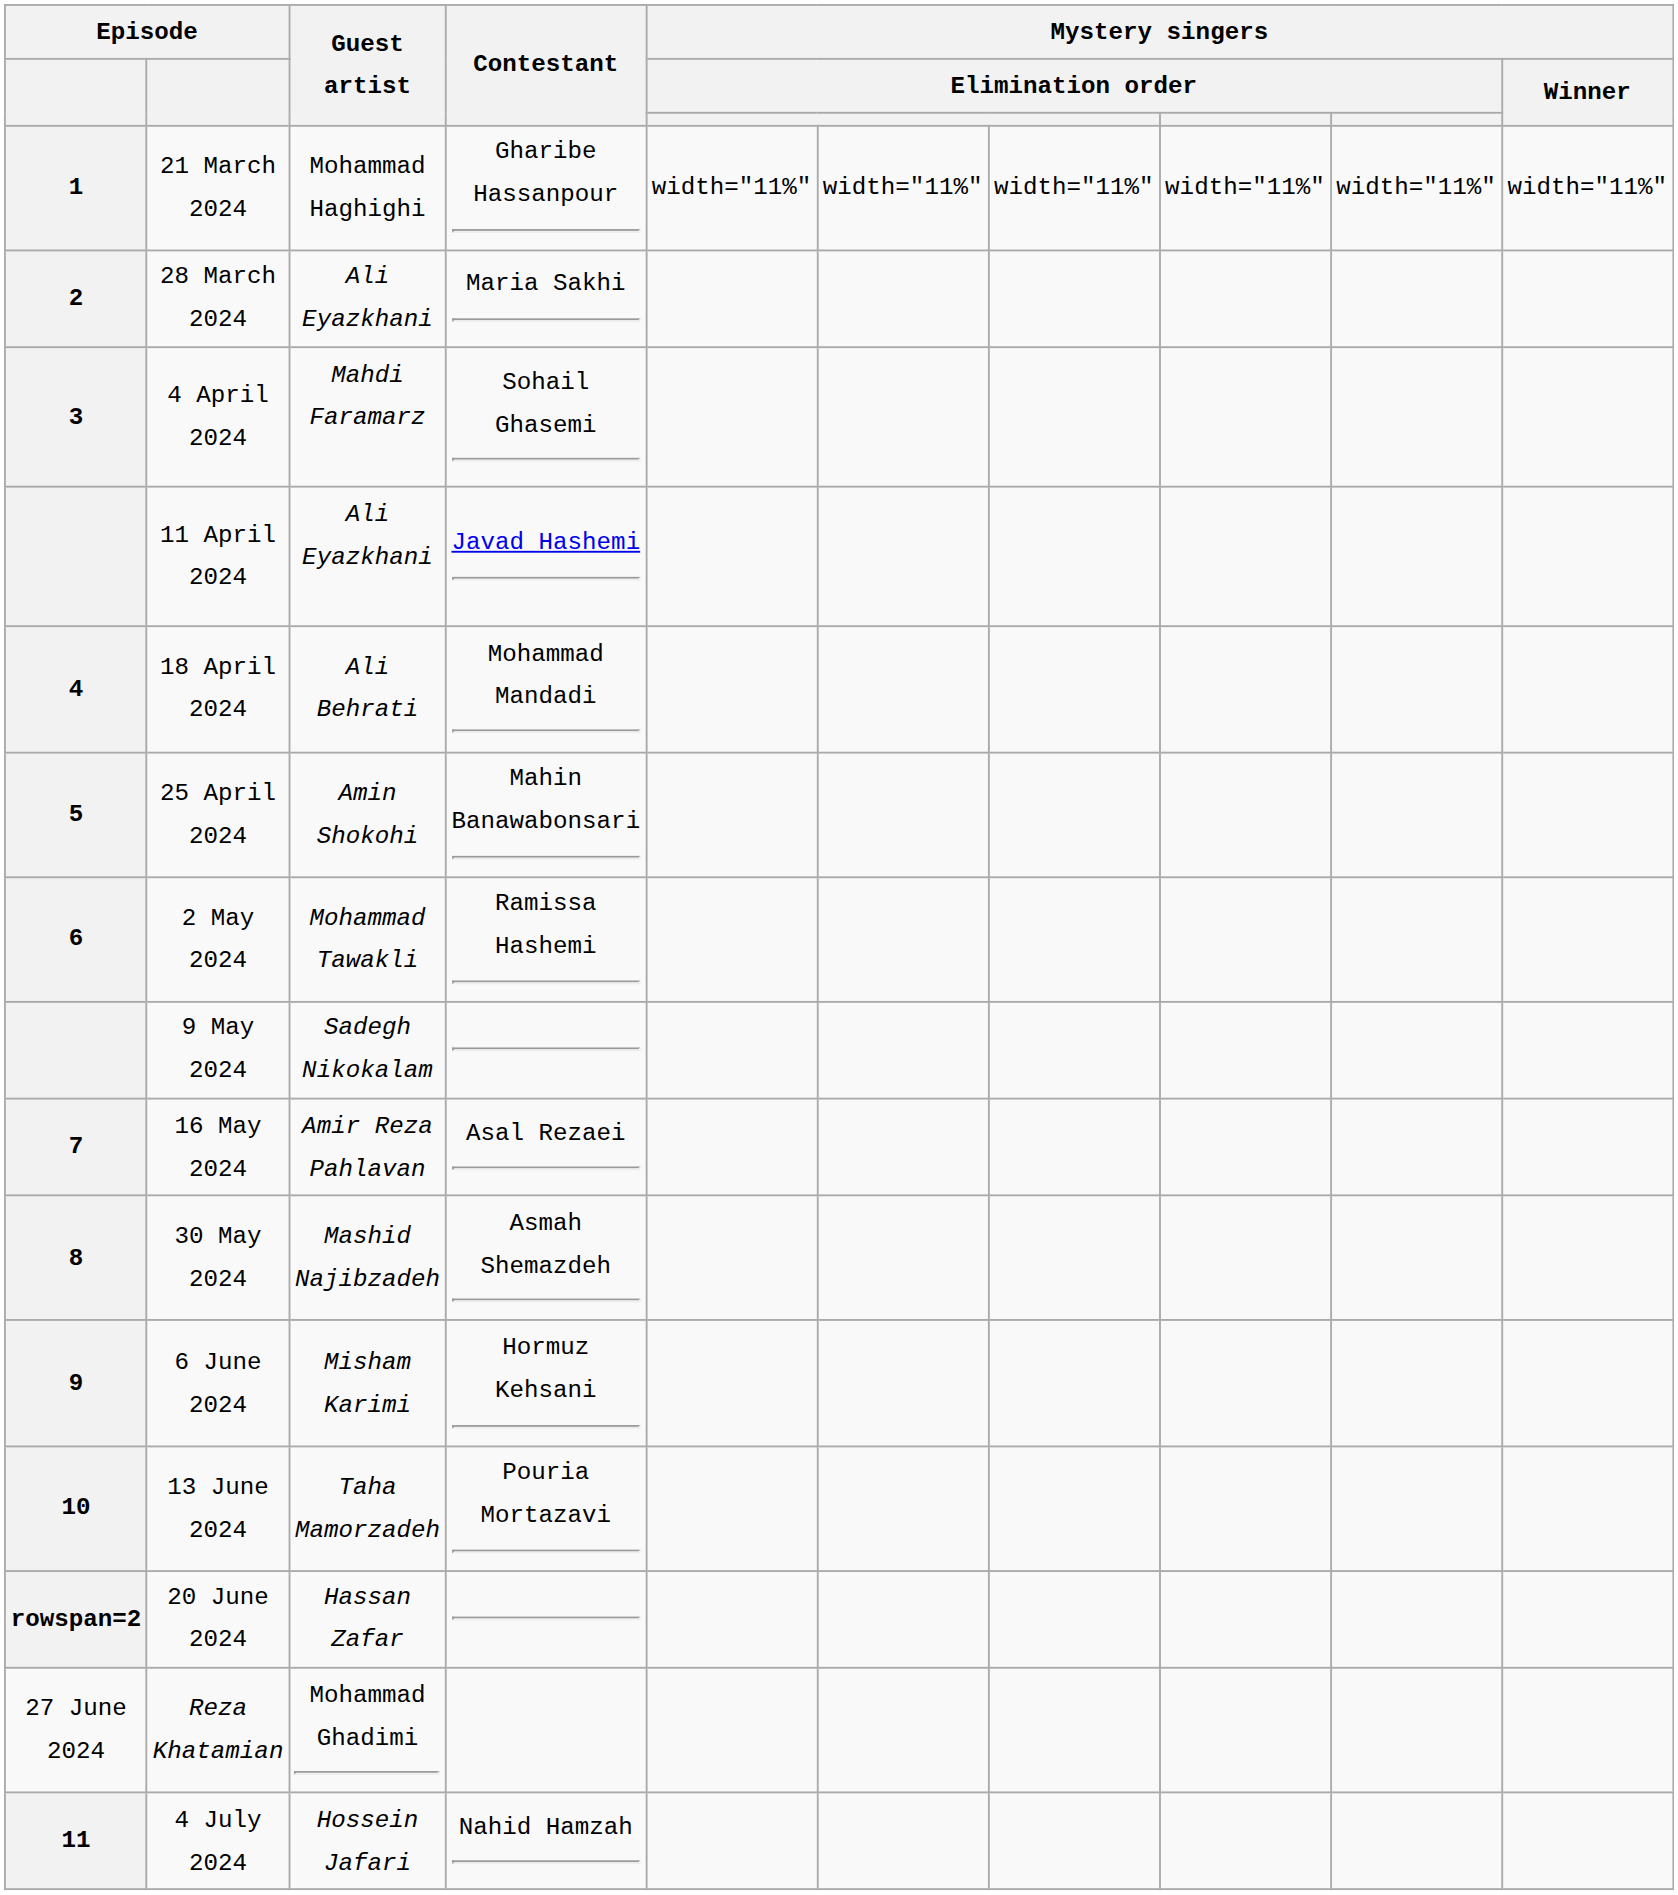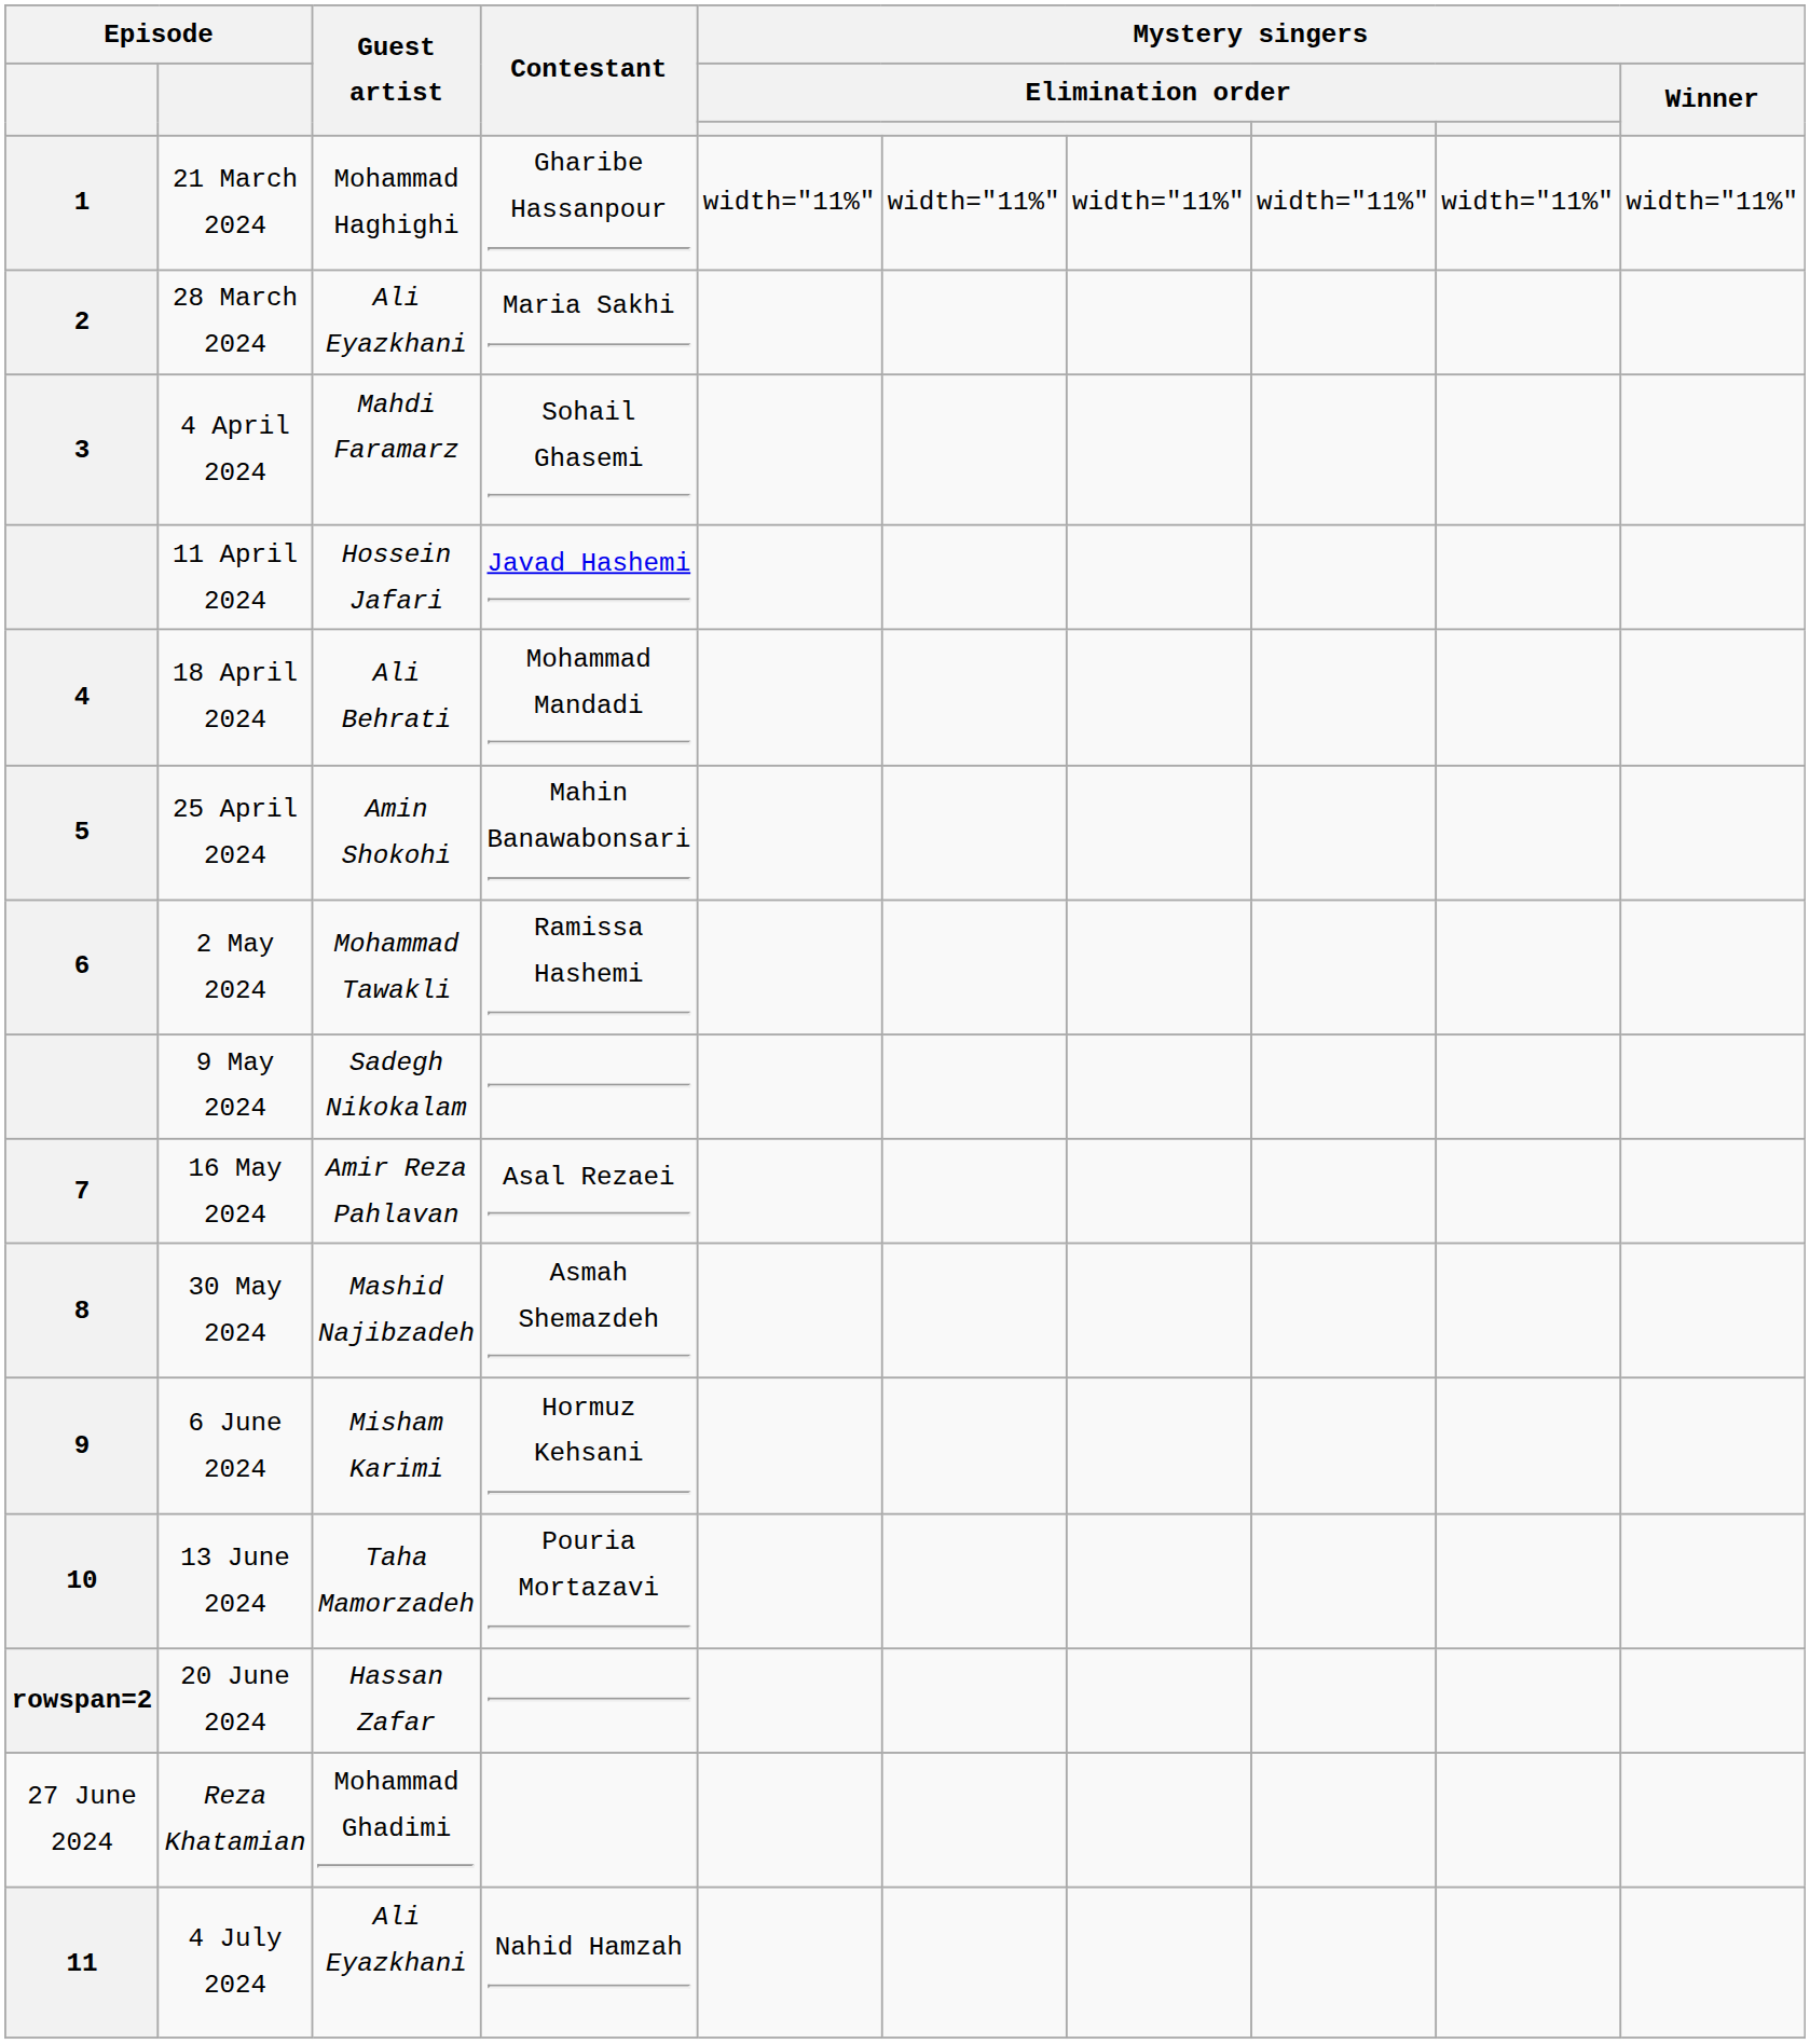 <table class="wikitable plainrowheaders mw-collapsible" style="text-align:center; line-height:23px; width:100%;">
 <tr>
 <th colspan="2" width="1%">Episode</th>
 <th rowspan="3" width="11%">Guest artist</th>
 <th rowspan="3" width="11%">Contestant</th>
 <th colspan="6">Mystery singers<br></th>
 </tr>
 <tr>
 <th rowspan="2"></th>
 <th rowspan="2"></th>
 <th colspan="5">Elimination order</th>
 <th rowspan="2">Winner</th>
 </tr>
 <tr>
 <th colspan="3"></th>
 <th></th>
 <th></th>
 </tr>
 <tr>
 <th>1</th>
 <td>21 March 2024</td>
 <td>Mohammad Haghighi<br></td>
 <td>Gharibe Hassanpour<hr></td>
 <td>width="11%" </td>
 <td>width="11%" </td>
 <td>width="11%" </td>
 <td>width="11%" </td>
 <td>width="11%" </td>
 <td>width="11%" </td>
 </tr>
 <tr>
 <th>2</th>
 <td>28 March 2024</td>
 <td><em>Ali Eyazkhani</em><br></td>
 <td>Maria Sakhi<hr></td>
 <td></td>
 <td></td>
 <td></td>
 <td></td>
 <td></td>
 <td></td>
 </tr>
 <tr>
 <th>3</th>
 <td>4 April 2024</td>
 <td><em>Mahdi Faramarz</em><br><br></td>
 <td>Sohail Ghasemi<hr></td>
 <td></td>
 <td></td>
 <td></td>
 <td></td>
 <td></td>
 <td></td>
 </tr>
 <tr>
 <th></th>
 <td>11 April 2024</td>
-<td><em>Ali Eyazkhani</em><br><br></td>
+<td><em>Hossein Jafari</em></td>
 <td><a href='#'>Javad Hashemi</a><br><hr></td>
 <td></td>
 <td></td>
 <td></td>
 <td></td>
 <td></td>
 <td></td>
 </tr>
 <tr>
 <th>4</th>
 <td>18 April 2024</td>
 <td><em>Ali Behrati</em><br></td>
 <td>Mohammad Mandadi<hr></td>
 <td></td>
 <td></td>
 <td></td>
 <td></td>
 <td></td>
 <td></td>
 </tr>
 <tr>
 <th>5</th>
 <td>25 April 2024</td>
 <td><em>Amin Shokohi</em><br></td>
 <td>Mahin Banawabonsari<hr></td>
 <td></td>
 <td></td>
 <td></td>
 <td></td>
 <td></td>
 <td></td>
 </tr>
 <tr>
 <th>6</th>
 <td>2 May 2024</td>
 <td><em>Mohammad Tawakli</em><br></td>
 <td>Ramissa Hashemi<hr></td>
 <td></td>
 <td></td>
 <td></td>
 <td></td>
 <td></td>
 <td></td>
 </tr>
 <tr>
 <th></th>
 <td>9 May 2024</td>
 <td><em>Sadegh Nikokalam</em><br></td>
 <td><hr></td>
 <td></td>
 <td></td>
 <td></td>
 <td></td>
 <td></td>
 <td></td>
 </tr>
 <tr>
 <th>7</th>
 <td>16 May 2024</td>
 <td><em>Amir Reza Pahlavan</em><br></td>
 <td>Asal Rezaei<hr></td>
 <td></td>
 <td></td>
 <td></td>
 <td></td>
 <td></td>
 <td></td>
 </tr>
 <tr>
 <th>8</th>
 <td>30 May 2024</td>
 <td><em>Mashid Najibzadeh</em><br></td>
 <td>Asmah Shemazdeh<hr></td>
 <td></td>
 <td></td>
 <td></td>
 <td></td>
 <td></td>
 <td></td>
 </tr>
 <tr>
 <th>9</th>
 <td>6 June 2024</td>
 <td><em>Misham Karimi</em><br></td>
 <td>Hormuz Kehsani<hr></td>
 <td></td>
 <td></td>
 <td></td>
 <td></td>
 <td></td>
 <td></td>
 </tr>
 <tr>
 <th>10</th>
 <td>13 June 2024</td>
 <td><em>Taha Mamorzadeh</em><br></td>
 <td>Pouria Mortazavi<hr></td>
 <td></td>
 <td></td>
 <td></td>
 <td></td>
 <td></td>
 <td></td>
 </tr>
 <tr>
 <th>rowspan=2 </th>
 <td>20 June 2024</td>
 <td><em>Hassan Zafar</em><br></td>
 <td><hr></td>
 <td></td>
 <td></td>
 <td></td>
 <td></td>
 <td></td>
 <td></td>
 </tr>
 <tr>
 <td>27 June 2024</td>
 <td><em>Reza Khatamian</em><br></td>
 <td>Mohammad Ghadimi<hr></td>
 <td></td>
 <td></td>
 <td></td>
 <td></td>
 <td></td>
 <td></td>
 </tr>
 <tr>
 <th>11</th>
 <td>4 July 2024</td>
-<td><em>Hossein Jafari</em></td>
+<td><em>Ali Eyazkhani</em><br><br></td>
 <td>Nahid Hamzah<hr></td>
 <td></td>
 <td></td>
 <td></td>
 <td></td>
 <td></td>
 <td></td>
 </tr>
 </table>
